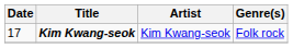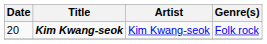 <table class="wikitable" style="text-align: left;">
 <tr>
 <th>Date</th>
 <th>Title</th>
 <th>Artist</th>
 <th>Genre(s)</th>
 </tr>
 <tr>
-<td>17</td>
+<td>20</td>
 <td><strong><em>Kim Kwang-seok</em></strong></td>
 <td><a href='#'>Kim Kwang-seok</a></td>
 <td><a href='#'>Folk rock</a></td>
 </tr>
 <tr>
 </tr>
 </table>
